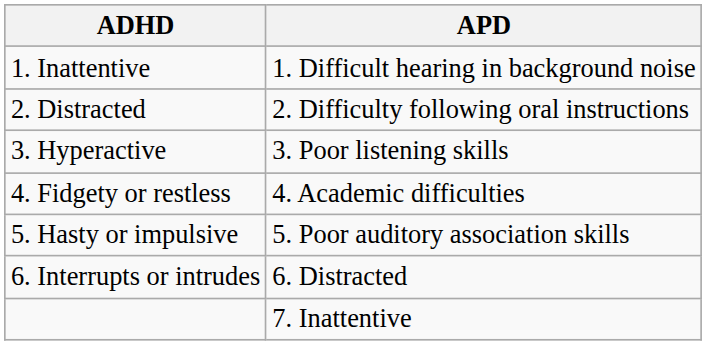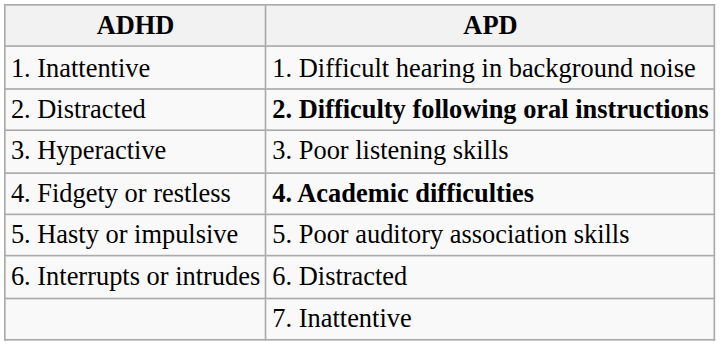 <table class="wikitable">
 <tr>
 <th>ADHD</th>
 <th>APD</th>
 </tr>
 <tr>
 <td>1. Inattentive</td>
 <td>1. Difficult hearing in background noise</td>
 </tr>
 <tr>
 <td>2. Distracted</td>
-<td>2. Difficulty following oral instructions</td>
+<td><strong>2. Difficulty following oral instructions</strong></td>
 </tr>
 <tr>
 <td>3. Hyperactive</td>
 <td>3. Poor listening skills</td>
 </tr>
 <tr>
 <td>4. Fidgety or restless</td>
-<td>4. Academic difficulties</td>
+<td><strong>4. Academic difficulties</strong></td>
 </tr>
 <tr>
 <td>5. Hasty or impulsive</td>
 <td>5. Poor auditory association skills</td>
 </tr>
 <tr>
 <td>6. Interrupts or intrudes</td>
 <td>6. Distracted</td>
 </tr>
 <tr>
 <td></td>
 <td>7. Inattentive</td>
 </tr>
 </table>
